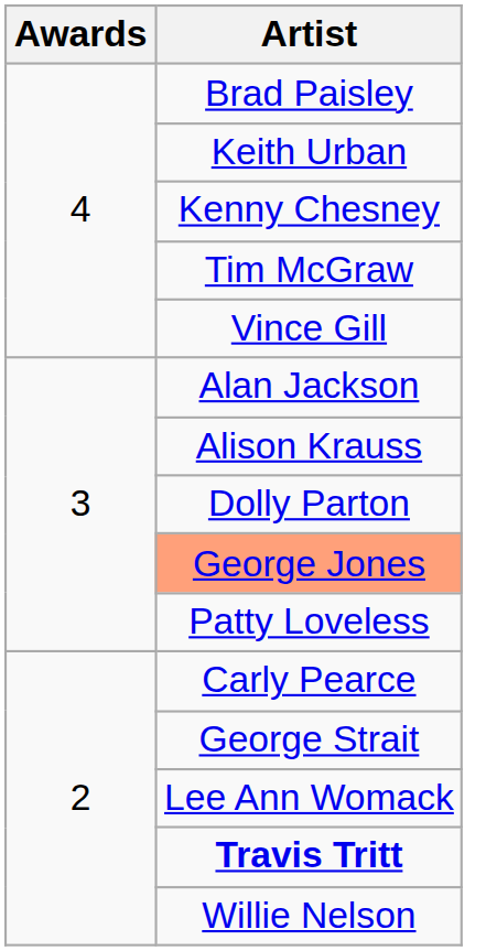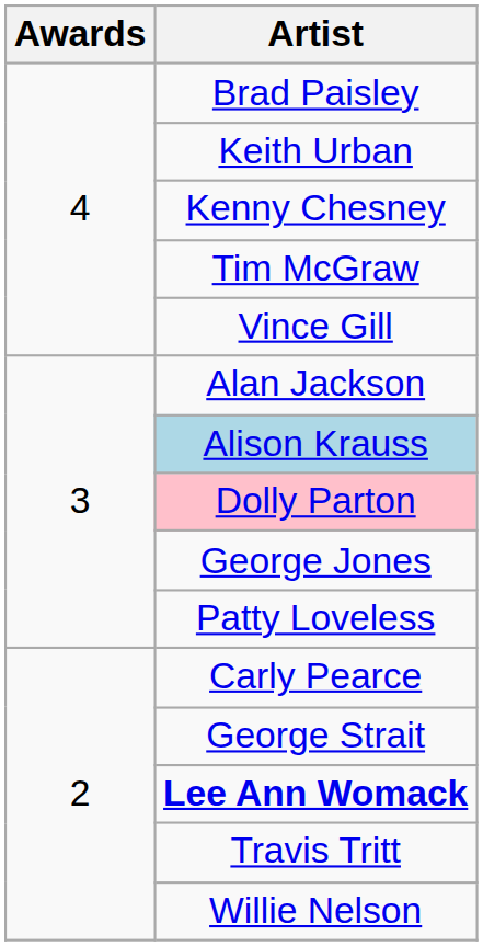 <table class="wikitable" rowspan="2" style="text-align:center;">
 <tr>
 <th scope="col" style="width:55px;">Awards</th>
 <th scope="col" style="text-align:center;">Artist</th>
 </tr>
 <tr>
 <td rowspan=5>4</td>
 <td><a href='#'>Brad Paisley</a></td>
 </tr>
 <tr>
 <td><a href='#'>Keith Urban</a></td>
 </tr>
 <tr>
 <td><a href='#'>Kenny Chesney</a></td>
 </tr>
 <tr>
 <td><a href='#'>Tim McGraw</a></td>
 </tr>
 <tr>
 <td><a href='#'>Vince Gill</a></td>
 </tr>
 <tr>
 <td rowspan=5>3</td>
 <td><a href='#'>Alan Jackson</a></td>
 </tr>
 <tr>
-<td><a href='#'>Alison Krauss</a></td>
+<td style="background: lightblue;"><a href='#'>Alison Krauss</a></td>
 </tr>
 <tr>
-<td><a href='#'>Dolly Parton</a></td>
+<td style="background: pink;"><a href='#'>Dolly Parton</a></td>
 </tr>
 <tr>
-<td style="background: lightsalmon;"><a href='#'>George Jones</a></td>
+<td><a href='#'>George Jones</a></td>
 </tr>
 <tr>
 <td><a href='#'>Patty Loveless</a></td>
 </tr>
 <tr>
 <td rowspan=5>2</td>
 <td><a href='#'>Carly Pearce</a></td>
 </tr>
 <tr>
 <td><a href='#'>George Strait</a></td>
 </tr>
 <tr>
-<td><a href='#'>Lee Ann Womack</a></td>
+<td><strong><a href='#'>Lee Ann Womack</a></strong></td>
 </tr>
 <tr>
-<td><strong><a href='#'>Travis Tritt</a></strong></td>
+<td><a href='#'>Travis Tritt</a></td>
 </tr>
 <tr>
 <td><a href='#'>Willie Nelson</a></td>
 </tr>
 </table>
